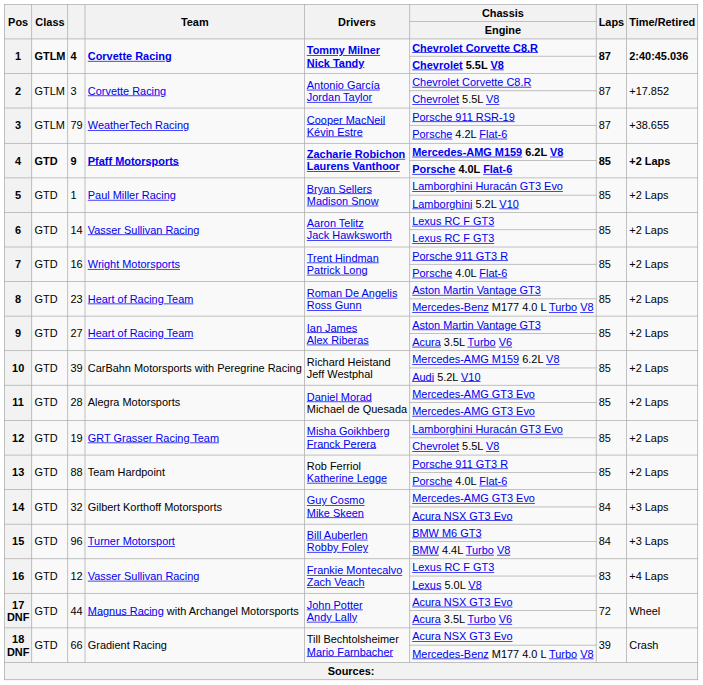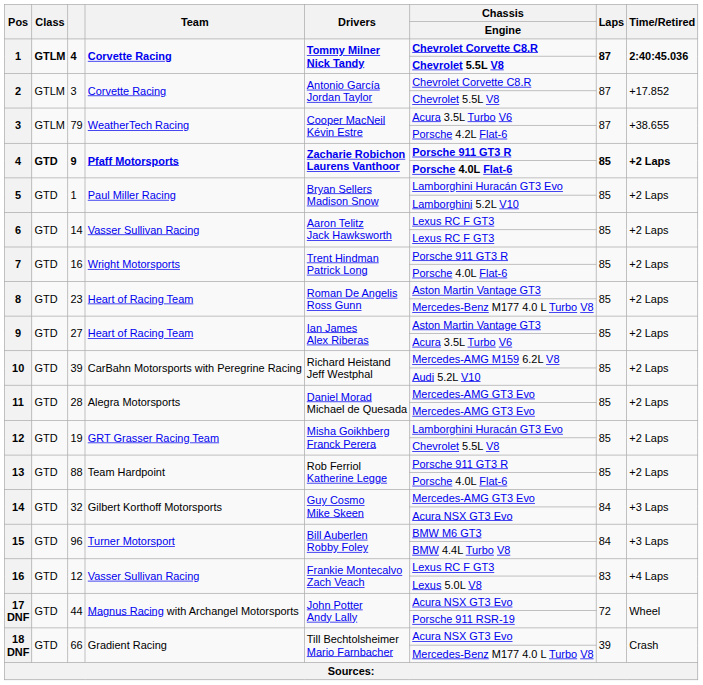 <table class="wikitable" style="font-size: 95%;">
 <tr>
 <th rowspan="2">Pos</th>
 <th rowspan="2">Class</th>
 <th rowspan="2"></th>
 <th rowspan="2">Team</th>
 <th rowspan="2">Drivers</th>
 <th>Chassis</th>
 <th rowspan="2">Laps</th>
 <th rowspan="2">Time/Retired</th>
 </tr>
 <tr>
 <th>Engine</th>
 </tr>
 <tr style="font-weight:bold">
 <th rowspan="2">1</th>
 <td rowspan="2">GTLM</td>
 <td rowspan="2">4</td>
 <td rowspan="2"> <a href='#'>Corvette Racing</a></td>
 <td rowspan="2"> <a href='#'>Tommy Milner</a><br> <a href='#'>Nick Tandy</a></td>
 <td><a href='#'>Chevrolet Corvette C8.R</a></td>
 <td rowspan="2">87</td>
 <td rowspan="2">2:40:45.036</td>
 </tr>
 <tr style="font-weight:bold">
 <td><a href='#'>Chevrolet</a> 5.5L <a href='#'>V8</a></td>
 </tr>
 <tr>
 <th rowspan="2">2</th>
 <td rowspan="2">GTLM</td>
 <td rowspan="2">3</td>
 <td rowspan="2"> <a href='#'>Corvette Racing</a></td>
 <td rowspan="2"> <a href='#'>Antonio García</a><br> <a href='#'>Jordan Taylor</a></td>
 <td><a href='#'>Chevrolet Corvette C8.R</a></td>
 <td rowspan="2">87</td>
 <td rowspan="2">+17.852</td>
 </tr>
 <tr>
 <td><a href='#'>Chevrolet</a> 5.5L <a href='#'>V8</a></td>
 </tr>
 <tr>
 <th rowspan="2">3</th>
 <td rowspan="2">GTLM</td>
 <td rowspan="2">79</td>
 <td rowspan="2"> <a href='#'>WeatherTech Racing</a></td>
 <td rowspan="2"> <a href='#'>Cooper MacNeil</a><br> <a href='#'>Kévin Estre</a></td>
-<td><a href='#'>Porsche 911 RSR-19</a></td>
+<td><a href='#'>Acura</a> 3.5L <a href='#'>Turbo</a> <a href='#'>V6</a></td>
 <td rowspan="2">87</td>
 <td rowspan="2">+38.655</td>
 </tr>
 <tr>
 <td><a href='#'>Porsche</a> 4.2L <a href='#'>Flat-6</a></td>
 </tr>
 <tr style="font-weight:bold">
 <th rowspan="2">4</th>
 <td rowspan="2">GTD</td>
 <td rowspan="2">9</td>
 <td rowspan="2"> <a href='#'>Pfaff Motorsports</a></td>
 <td rowspan="2"> <a href='#'>Zacharie Robichon</a><br> <a href='#'>Laurens Vanthoor</a></td>
-<td><a href='#'>Mercedes-AMG M159</a> 6.2L <a href='#'>V8</a></td>
+<td><a href='#'>Porsche 911 GT3 R</a></td>
 <td rowspan="2">85</td>
 <td rowspan="2">+2 Laps</td>
 </tr>
 <tr style="font-weight:bold">
 <td><a href='#'>Porsche</a> 4.0L <a href='#'>Flat-6</a></td>
 </tr>
 <tr>
 <th rowspan="2">5</th>
 <td rowspan="2">GTD</td>
 <td rowspan="2">1</td>
 <td rowspan="2"> <a href='#'>Paul Miller Racing</a></td>
 <td rowspan="2"> <a href='#'>Bryan Sellers</a><br> <a href='#'>Madison Snow</a></td>
 <td><a href='#'>Lamborghini Huracán GT3 Evo</a></td>
 <td rowspan="2">85</td>
 <td rowspan="2">+2 Laps</td>
 </tr>
 <tr>
 <td><a href='#'>Lamborghini</a> 5.2L <a href='#'>V10</a></td>
 </tr>
 <tr>
 <th rowspan="2">6</th>
 <td rowspan="2">GTD</td>
 <td rowspan="2">14</td>
 <td rowspan="2"> <a href='#'>Vasser Sullivan Racing</a></td>
 <td rowspan="2"> <a href='#'>Aaron Telitz</a><br> <a href='#'>Jack Hawksworth</a></td>
 <td><a href='#'>Lexus RC F GT3</a></td>
 <td rowspan="2">85</td>
 <td rowspan="2">+2 Laps</td>
 </tr>
 <tr>
 <td><a href='#'>Lexus RC F GT3</a></td>
 </tr>
 <tr>
 <th rowspan="2">7</th>
 <td rowspan="2">GTD</td>
 <td rowspan="2">16</td>
 <td rowspan="2"> <a href='#'>Wright Motorsports</a></td>
 <td rowspan="2"> <a href='#'>Trent Hindman</a><br> <a href='#'>Patrick Long</a></td>
 <td><a href='#'>Porsche 911 GT3 R</a></td>
 <td rowspan="2">85</td>
 <td rowspan="2">+2 Laps</td>
 </tr>
 <tr>
 <td><a href='#'>Porsche</a> 4.0L <a href='#'>Flat-6</a></td>
 </tr>
 <tr>
 <th rowspan="2">8</th>
 <td rowspan="2">GTD</td>
 <td rowspan="2">23</td>
 <td rowspan="2"> <a href='#'>Heart of Racing Team</a></td>
 <td rowspan="2"> <a href='#'>Roman De Angelis</a><br> <a href='#'>Ross Gunn</a></td>
 <td><a href='#'>Aston Martin Vantage GT3</a></td>
 <td rowspan="2">85</td>
 <td rowspan="2">+2 Laps</td>
 </tr>
 <tr>
 <td><a href='#'>Mercedes-Benz</a> M177 4.0 L <a href='#'>Turbo</a> <a href='#'>V8</a></td>
 </tr>
 <tr>
 <th rowspan="2">9</th>
 <td rowspan="2">GTD</td>
 <td rowspan="2">27</td>
 <td rowspan="2"> <a href='#'>Heart of Racing Team</a></td>
 <td rowspan="2"> <a href='#'>Ian James</a><br> <a href='#'>Alex Riberas</a></td>
 <td><a href='#'>Aston Martin Vantage GT3</a></td>
 <td rowspan="2">85</td>
 <td rowspan="2">+2 Laps</td>
 </tr>
 <tr>
 <td><a href='#'>Acura</a> 3.5L <a href='#'>Turbo</a> <a href='#'>V6</a></td>
 </tr>
 <tr>
 <th rowspan="2">10</th>
 <td rowspan="2">GTD</td>
 <td rowspan="2">39</td>
 <td rowspan="2"> CarBahn Motorsports with Peregrine Racing</td>
 <td rowspan="2"> Richard Heistand<br> Jeff Westphal</td>
 <td><a href='#'>Mercedes-AMG M159</a> 6.2L <a href='#'>V8</a></td>
 <td rowspan="2">85</td>
 <td rowspan="2">+2 Laps</td>
 </tr>
 <tr>
 <td><a href='#'>Audi</a> 5.2L <a href='#'>V10</a></td>
 </tr>
 <tr>
 <th rowspan="2">11</th>
 <td rowspan="2">GTD</td>
 <td rowspan="2">28</td>
 <td rowspan="2"> Alegra Motorsports</td>
 <td rowspan="2"> <a href='#'>Daniel Morad</a><br> Michael de Quesada</td>
 <td><a href='#'>Mercedes-AMG GT3 Evo</a></td>
 <td rowspan="2">85</td>
 <td rowspan="2">+2 Laps</td>
 </tr>
 <tr>
 <td><a href='#'>Mercedes-AMG GT3 Evo</a></td>
 </tr>
 <tr>
 <th rowspan="2">12</th>
 <td rowspan="2">GTD</td>
 <td rowspan="2">19</td>
 <td rowspan="2"> <a href='#'>GRT Grasser Racing Team</a></td>
 <td rowspan="2"> <a href='#'>Misha Goikhberg</a><br> <a href='#'>Franck Perera</a></td>
 <td><a href='#'>Lamborghini Huracán GT3 Evo</a></td>
 <td rowspan="2">85</td>
 <td rowspan="2">+2 Laps</td>
 </tr>
 <tr>
 <td><a href='#'>Chevrolet</a> 5.5L <a href='#'>V8</a></td>
 </tr>
 <tr>
 <th rowspan="2">13</th>
 <td rowspan="2">GTD</td>
 <td rowspan="2">88</td>
 <td rowspan="2"> Team Hardpoint</td>
 <td rowspan="2"> Rob Ferriol<br> <a href='#'>Katherine Legge</a></td>
 <td><a href='#'>Porsche 911 GT3 R</a></td>
 <td rowspan="2">85</td>
 <td rowspan="2">+2 Laps</td>
 </tr>
 <tr>
 <td><a href='#'>Porsche</a> 4.0L <a href='#'>Flat-6</a></td>
 </tr>
 <tr>
 <th rowspan="2">14</th>
 <td rowspan="2">GTD</td>
 <td rowspan="2">32</td>
 <td rowspan="2"> Gilbert Korthoff Motorsports</td>
 <td rowspan="2"> <a href='#'>Guy Cosmo</a><br> <a href='#'>Mike Skeen</a></td>
 <td><a href='#'>Mercedes-AMG GT3 Evo</a></td>
 <td rowspan="2">84</td>
 <td rowspan="2">+3 Laps</td>
 </tr>
 <tr>
 <td><a href='#'>Acura NSX GT3 Evo</a></td>
 </tr>
 <tr>
 <th rowspan="2">15</th>
 <td rowspan="2">GTD</td>
 <td rowspan="2">96</td>
 <td rowspan="2"> <a href='#'>Turner Motorsport</a></td>
 <td rowspan="2"> <a href='#'>Bill Auberlen</a><br> <a href='#'>Robby Foley</a></td>
 <td><a href='#'>BMW M6 GT3</a></td>
 <td rowspan="2">84</td>
 <td rowspan="2">+3 Laps</td>
 </tr>
 <tr>
 <td><a href='#'>BMW</a> 4.4L <a href='#'>Turbo</a> <a href='#'>V8</a></td>
 </tr>
 <tr>
 <th rowspan="2">16</th>
 <td rowspan="2">GTD</td>
 <td rowspan="2">12</td>
 <td rowspan="2"> <a href='#'>Vasser Sullivan Racing</a></td>
 <td rowspan="2"> <a href='#'>Frankie Montecalvo</a><br> <a href='#'>Zach Veach</a></td>
 <td><a href='#'>Lexus RC F GT3</a></td>
 <td rowspan="2">83</td>
 <td rowspan="2">+4 Laps</td>
 </tr>
 <tr>
 <td><a href='#'>Lexus</a> 5.0L <a href='#'>V8</a></td>
 </tr>
 <tr>
 <th rowspan="2">17<br>DNF</th>
 <td rowspan="2">GTD</td>
 <td rowspan="2">44</td>
 <td rowspan="2"> <a href='#'>Magnus Racing</a> with Archangel Motorsports</td>
 <td rowspan="2"> <a href='#'>John Potter</a><br> <a href='#'>Andy Lally</a></td>
 <td><a href='#'>Acura NSX GT3 Evo</a></td>
 <td rowspan="2">72</td>
 <td rowspan="2">Wheel</td>
 </tr>
 <tr>
-<td><a href='#'>Acura</a> 3.5L <a href='#'>Turbo</a> <a href='#'>V6</a></td>
+<td><a href='#'>Porsche 911 RSR-19</a></td>
 </tr>
 <tr>
 <th rowspan="2">18<br>DNF</th>
 <td rowspan="2">GTD</td>
 <td rowspan="2">66</td>
 <td rowspan="2"> Gradient Racing</td>
 <td rowspan="2"> Till Bechtolsheimer<br> <a href='#'>Mario Farnbacher</a></td>
 <td><a href='#'>Acura NSX GT3 Evo</a></td>
 <td rowspan="2">39</td>
 <td rowspan="2">Crash</td>
 </tr>
 <tr>
 <td><a href='#'>Mercedes-Benz</a> M177 4.0 L <a href='#'>Turbo</a> <a href='#'>V8</a></td>
 </tr>
 <tr>
 <th colspan="8" align="center">Sources:</th>
 </tr>
 </table>
